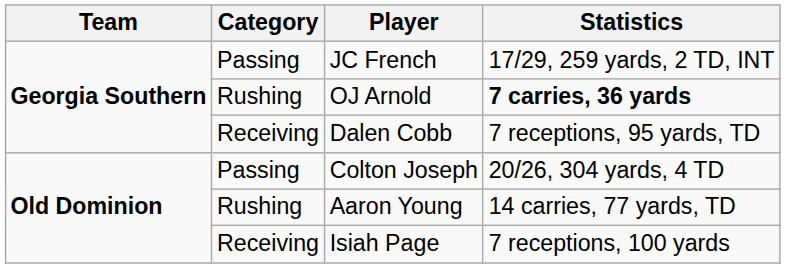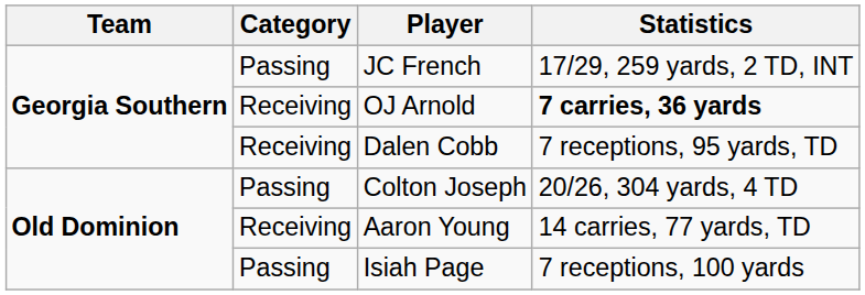 <table class="wikitable" style="float: right;">
 <tr>
 <th>Team</th>
 <th>Category</th>
 <th>Player</th>
 <th>Statistics</th>
 </tr>
 <tr>
 <td rowspan=3><strong>Georgia Southern</strong></td>
 <td>Passing</td>
 <td>JC French</td>
 <td>17/29, 259 yards, 2 TD, INT</td>
 </tr>
 <tr>
-<td>Rushing</td>
+<td>Receiving</td>
 <td>OJ Arnold</td>
 <td><strong>7 carries, 36 yards</strong></td>
 </tr>
 <tr>
 <td>Receiving</td>
 <td>Dalen Cobb</td>
 <td>7 receptions, 95 yards, TD</td>
 </tr>
 <tr>
 <td rowspan=3><strong>Old Dominion</strong></td>
 <td>Passing</td>
 <td>Colton Joseph</td>
 <td>20/26, 304 yards, 4 TD</td>
 </tr>
 <tr>
-<td>Rushing</td>
+<td>Receiving</td>
 <td>Aaron Young</td>
 <td>14 carries, 77 yards, TD</td>
 </tr>
 <tr>
-<td>Receiving</td>
+<td>Passing</td>
 <td>Isiah Page</td>
 <td>7 receptions, 100 yards</td>
 </tr>
 </table>
